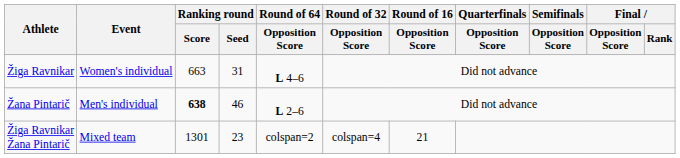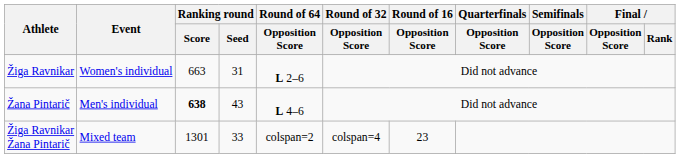 <table class="wikitable" style="font-size:90%; text-align:center">
 <tr>
 <th rowspan=2>Athlete</th>
 <th rowspan=2>Event</th>
 <th colspan="2">Ranking round</th>
 <th>Round of 64</th>
 <th>Round of 32</th>
 <th>Round of 16</th>
 <th>Quarterfinals</th>
 <th>Semifinals</th>
 <th colspan="2">Final / </th>
 </tr>
 <tr style="font-size:95%">
 <th>Score</th>
 <th>Seed</th>
 <th>Opposition<br>Score</th>
 <th>Opposition<br>Score</th>
 <th>Opposition<br>Score</th>
 <th>Opposition<br>Score</th>
 <th>Opposition<br>Score</th>
 <th>Opposition<br>Score</th>
 <th>Rank</th>
 </tr>
 <tr align=center>
 <td align=left><a href='#'>Žiga Ravnikar</a></td>
 <td align=left><a href='#'>Women's individual</a></td>
 <td>663</td>
 <td>31</td>
-<td><br><strong>L</strong> 4–6</td>
+<td><br><strong>L</strong> 2–6</td>
 <td colspan="6">Did not advance</td>
 </tr>
 <tr align=center>
 <td align=left><a href='#'>Žana Pintarič</a></td>
 <td align=left><a href='#'>Men's individual</a></td>
 <td><strong>638</strong></td>
-<td>46</td>
-<td><br><strong>L</strong> 2–6</td>
+<td>43</td>
+<td><br><strong>L</strong> 4–6</td>
 <td colspan="6">Did not advance</td>
 </tr>
 <tr align=center>
 <td align=left><a href='#'>Žiga Ravnikar</a><br><a href='#'>Žana Pintarič</a></td>
 <td align=left><a href='#'>Mixed team</a></td>
 <td>1301</td>
-<td>23</td>
+<td>33</td>
 <td>colspan=2 </td>
 <td>colspan=4 </td>
-<td>21</td>
+<td>23</td>
 </tr>
 </table>
